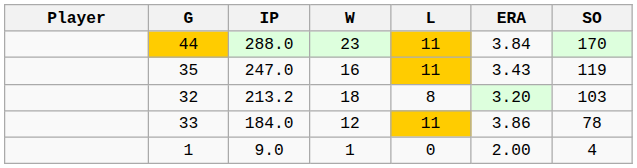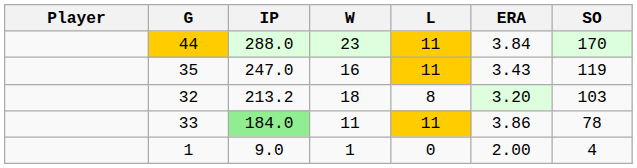 <table class="wikitable sortable">
 <tr>
 <th bgcolor="#DDDDFF" width="16%">Player</th>
 <th bgcolor="#DDDDFF" width="9%">G</th>
 <th bgcolor="#DDDDFF" width="9%">IP</th>
 <th bgcolor="#DDDDFF" width="9%">W</th>
 <th bgcolor="#DDDDFF" width="9%">L</th>
 <th bgcolor="#DDDDFF" width="9%">ERA</th>
 <th bgcolor="#DDDDFF" width="9%">SO</th>
 </tr>
 <tr align="center">
 <td></td>
 <td style="background:#fc0;">44</td>
 <td style="background:#DDFFDD;">288.0</td>
 <td style="background:#DDFFDD;">23</td>
 <td style="background:#fc0;">11</td>
 <td>3.84</td>
 <td style="background:#DDFFDD;">170</td>
 </tr>
 <tr align="center">
 <td></td>
 <td>35</td>
 <td>247.0</td>
 <td>16</td>
 <td style="background:#fc0;">11</td>
 <td>3.43</td>
 <td>119</td>
 </tr>
 <tr align="center">
 <td></td>
 <td>32</td>
 <td>213.2</td>
 <td>18</td>
 <td>8</td>
 <td style="background:#DDFFDD;">3.20</td>
 <td>103</td>
 </tr>
 <tr align="center">
 <td></td>
 <td>33</td>
-<td>184.0</td>
-<td>12</td>
+<td style="background: lightgreen;">184.0</td>
+<td>11</td>
 <td style="background:#fc0;">11</td>
 <td>3.86</td>
 <td>78</td>
 </tr>
 <tr align="center">
 <td></td>
 <td>1</td>
 <td>9.0</td>
 <td>1</td>
 <td>0</td>
 <td>2.00</td>
 <td>4</td>
 </tr>
 </table>
